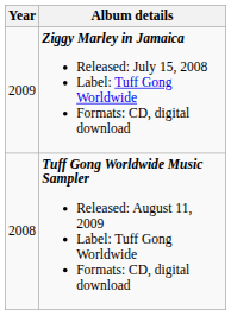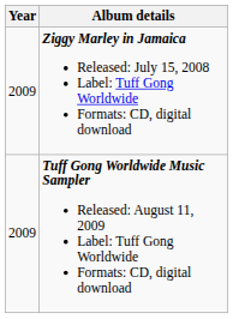 <table class="wikitable" style=text-align:center;>
 <tr>
 <th rowspan="1" style="width:30px;">Year</th>
 <th rowspan="1" style="width:210px;">Album details</th>
 </tr>
 <tr>
 <td>2009</td>
 <td align=left><strong><em>Ziggy Marley in Jamaica</em></strong><br><ul><li>Released: July 15, 2008</li><li>Label: <a href='#'>Tuff Gong Worldwide</a></li><li>Formats: CD, digital download</li></ul></td>
 </tr>
 <tr>
-<td>2008</td>
+<td>2009</td>
 <td align=left><strong><em>Tuff Gong Worldwide Music Sampler</em></strong><br><ul><li>Released: August 11, 2009</li><li>Label: Tuff Gong Worldwide</li><li>Formats: CD, digital download</li></ul></td>
 </tr>
 </table>
